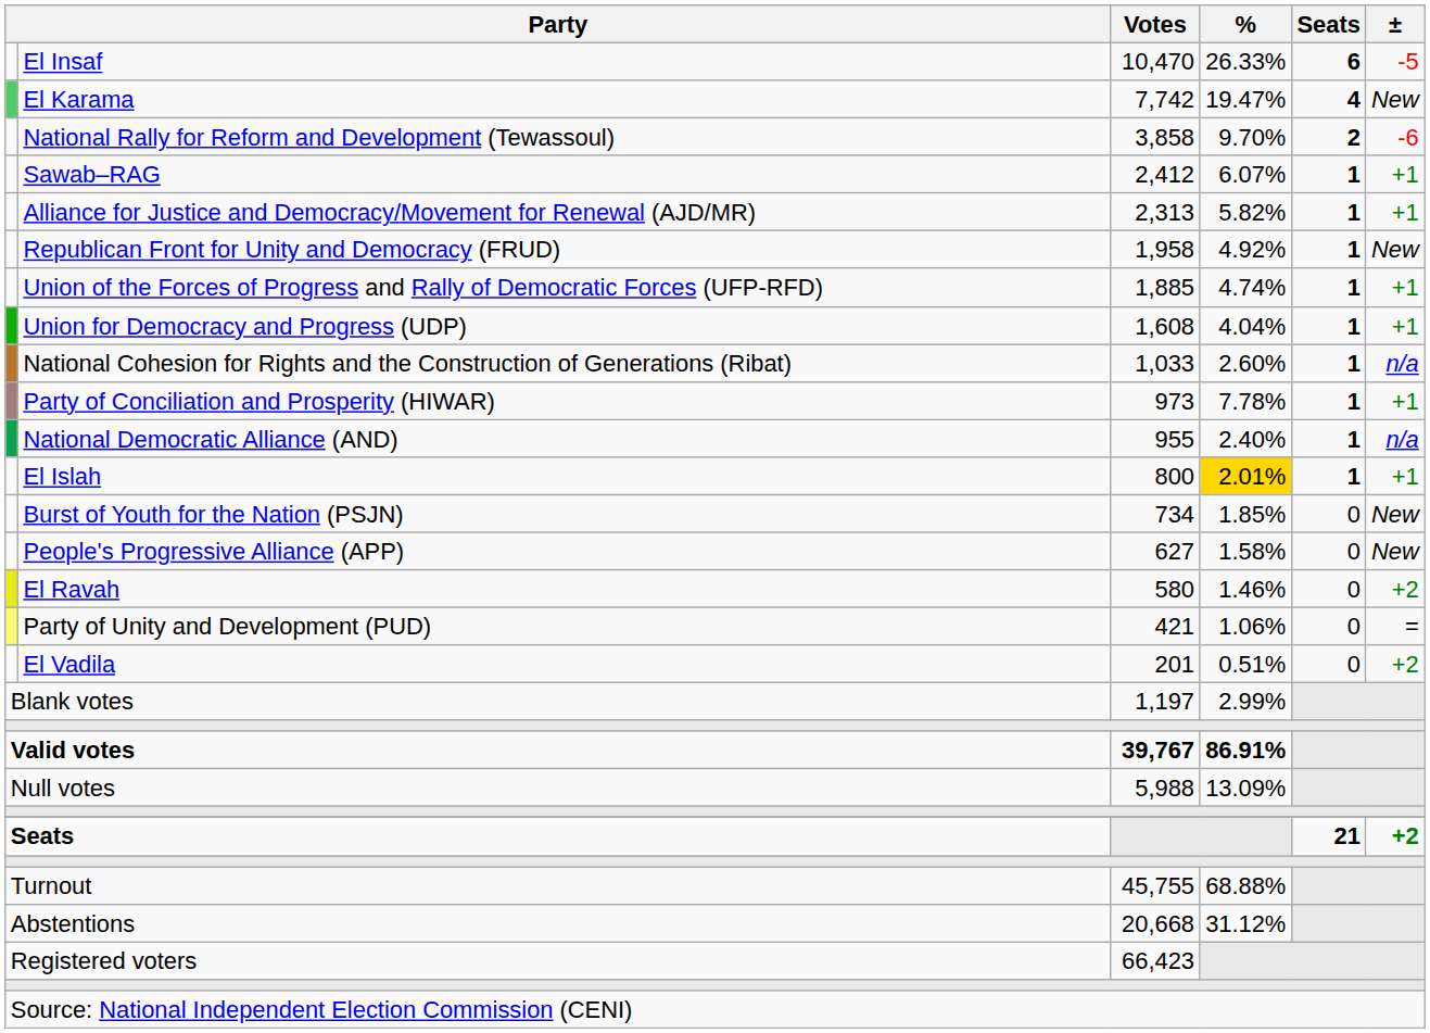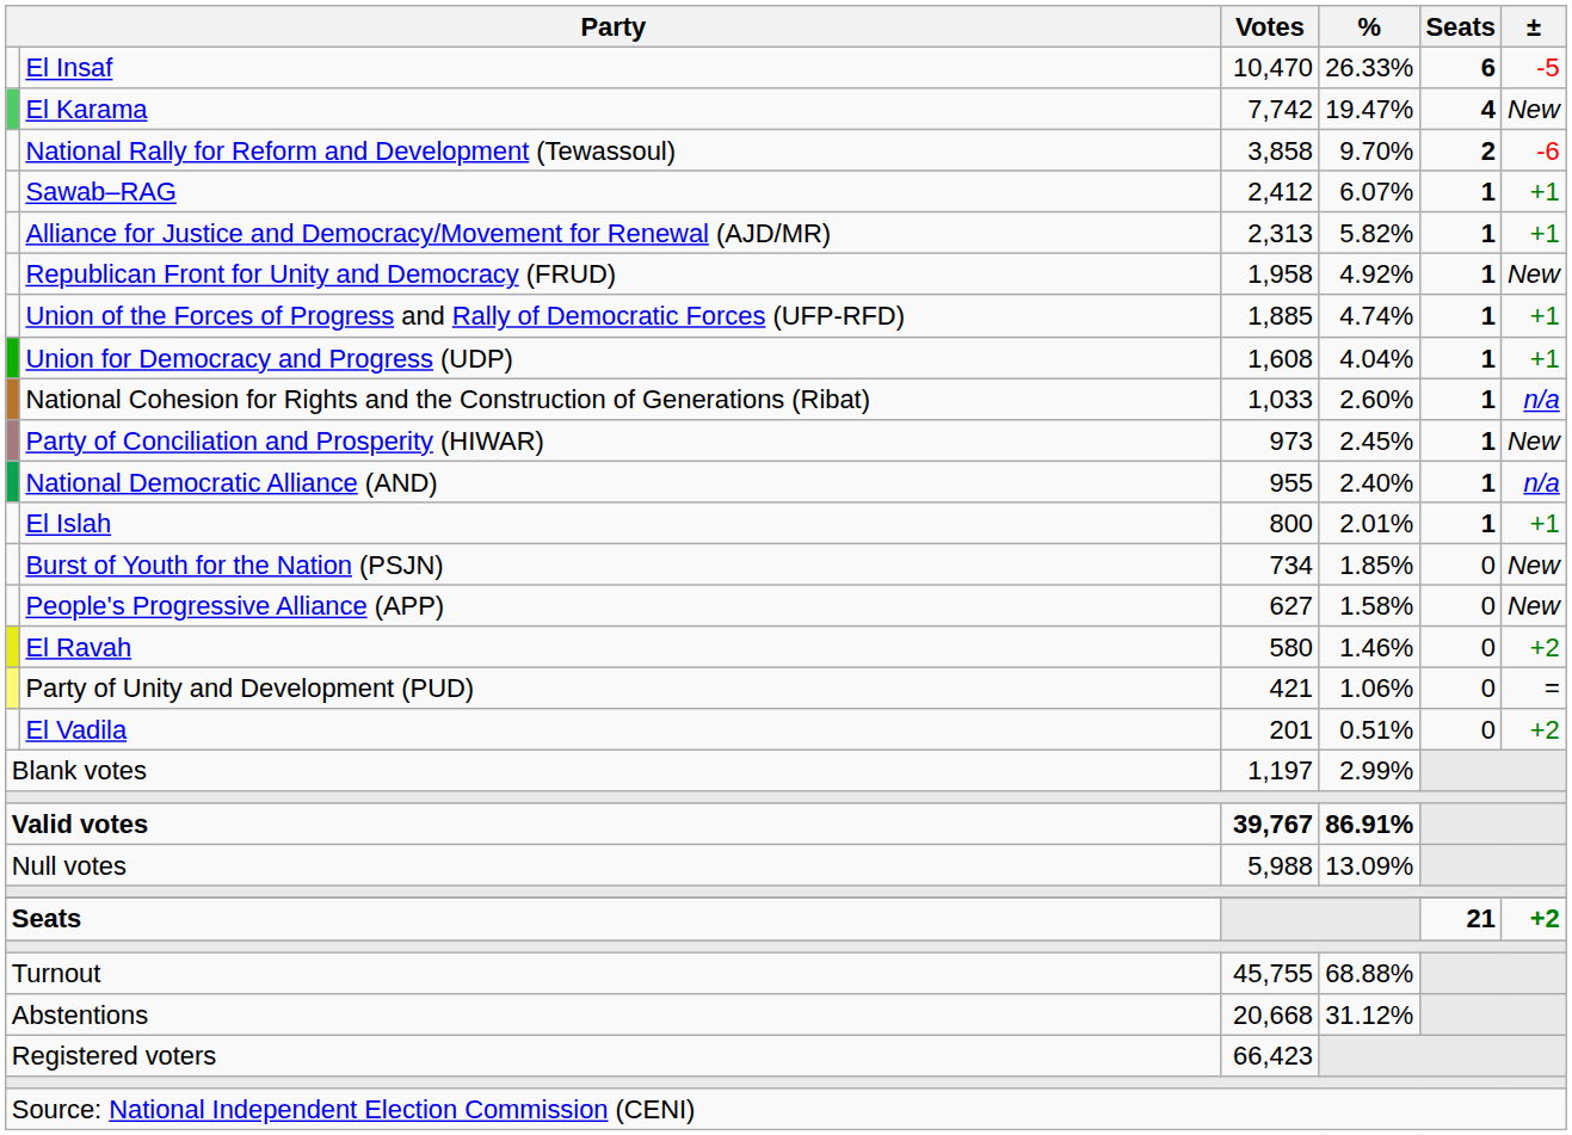 <table class="wikitable" style="text-align:right;font-size:95%;">
 <tr>
 <th width="700" colspan="2">Party</th>
 <th width="50">Votes</th>
 <th width="50">%</th>
 <th width="25">Seats</th>
 <th width="20">±</th>
 </tr>
 <tr>
 <td width="1" style="color:inherit;background:"></td>
 <td style="text-align:left;"><a href='#'>El Insaf</a></td>
 <td>10,470</td>
 <td>26.33%</td>
 <td><strong>6</strong></td>
 <td style="color:red;">-5</td>
 </tr>
 <tr>
 <td width="1" style="color:inherit;background:#4FCB68;"></td>
 <td style="text-align:left;"><a href='#'>El Karama</a></td>
 <td>7,742</td>
 <td>19.47%</td>
 <td><strong>4</strong></td>
 <td><em>New</em></td>
 </tr>
 <tr>
 <td width="1" style="color:inherit;background:"></td>
 <td style="text-align:left;"><a href='#'>National Rally for Reform and Development</a> (Tewassoul)</td>
 <td>3,858</td>
 <td>9.70%</td>
 <td><strong>2</strong></td>
 <td style="color:red;">-6</td>
 </tr>
 <tr>
 <td width="1" style="color:inherit;background:"></td>
 <td style="text-align:left;"><a href='#'>Sawab–RAG</a></td>
 <td>2,412</td>
 <td>6.07%</td>
 <td><strong>1</strong></td>
 <td style="color:green;">+1</td>
 </tr>
 <tr>
 <td width="1" style="color:inherit;background:"></td>
 <td style="text-align:left;"><a href='#'>Alliance for Justice and Democracy/Movement for Renewal</a> (AJD/MR)</td>
 <td>2,313</td>
 <td>5.82%</td>
 <td><strong>1</strong></td>
 <td style="color:green;">+1</td>
 </tr>
 <tr>
 <td width="1" style="color:inherit;background:"></td>
 <td style="text-align:left;"><a href='#'>Republican Front for Unity and Democracy</a> (FRUD)</td>
 <td>1,958</td>
 <td>4.92%</td>
 <td><strong>1</strong></td>
 <td><em>New</em></td>
 </tr>
 <tr>
 <td width="1" style="color:inherit;background:"></td>
 <td style="text-align:left;"><a href='#'>Union of the Forces of Progress</a> and <a href='#'>Rally of Democratic Forces</a> (UFP-RFD)</td>
 <td>1,885</td>
 <td>4.74%</td>
 <td><strong>1</strong></td>
 <td style="color:green;">+1</td>
 </tr>
 <tr>
 <td width="1" style="color:inherit;background:#0FAF05;"></td>
 <td style="text-align:left;"><a href='#'>Union for Democracy and Progress</a> (UDP)</td>
 <td>1,608</td>
 <td>4.04%</td>
 <td><strong>1</strong></td>
 <td style="color:green;">+1</td>
 </tr>
 <tr>
 <td width="1" style="color:inherit;background:#B7752C;"></td>
 <td style="text-align:left;">National Cohesion for Rights and the Construction of Generations (Ribat)</td>
 <td>1,033</td>
 <td>2.60%</td>
 <td><strong>1</strong></td>
 <td><em><a href='#'>n/a</a></em></td>
 </tr>
 <tr>
 <td width="1" style="color:inherit;background:#A47A7E;"></td>
 <td style="text-align:left;"><a href='#'>Party of Conciliation and Prosperity</a> (HIWAR)</td>
 <td>973</td>
-<td>7.78%</td>
+<td>2.45%</td>
 <td><strong>1</strong></td>
-<td style="color:green;">+1</td>
+<td><em>New</em></td>
 </tr>
 <tr>
 <td width="1" style="color:inherit;background:#0AA450;"></td>
 <td style="text-align:left;"><a href='#'>National Democratic Alliance</a> (AND)</td>
 <td>955</td>
 <td>2.40%</td>
 <td><strong>1</strong></td>
 <td><em><a href='#'>n/a</a></em></td>
 </tr>
 <tr>
 <td width="1" style="color:inherit;background:"></td>
 <td style="text-align:left;"><a href='#'>El Islah</a></td>
 <td>800</td>
-<td style="background: gold;">2.01%</td>
+<td>2.01%</td>
 <td><strong>1</strong></td>
 <td style="color:green;">+1</td>
 </tr>
 <tr>
 <td width="1" style="color:inherit;background:"></td>
 <td style="text-align:left;"><a href='#'>Burst of Youth for the Nation</a> (PSJN)</td>
 <td>734</td>
 <td>1.85%</td>
 <td>0</td>
 <td><em>New</em></td>
 </tr>
 <tr>
 <td width="1" style="color:inherit;background:"></td>
 <td style="text-align:left;"><a href='#'>People's Progressive Alliance</a> (APP)</td>
 <td>627</td>
 <td>1.58%</td>
 <td>0</td>
 <td><em>New</em></td>
 </tr>
 <tr>
 <td width="1" style="color:inherit;background:#E7EB16;"></td>
 <td style="text-align:left;"><a href='#'>El Ravah</a></td>
 <td>580</td>
 <td>1.46%</td>
 <td>0</td>
 <td style="color:green;">+2</td>
 </tr>
 <tr>
 <td width="1" style="color:inherit;background:#FAFA75;"></td>
 <td style="text-align:left;">Party of Unity and Development (PUD)</td>
 <td>421</td>
 <td>1.06%</td>
 <td>0</td>
 <td>=</td>
 </tr>
 <tr>
 <td width="1" style="color:inherit;background:"></td>
 <td style="text-align:left;"><a href='#'>El Vadila</a></td>
 <td>201</td>
 <td>0.51%</td>
 <td>0</td>
 <td style="color:green;">+2</td>
 </tr>
 <tr>
 <td colspan="2" style="text-align:left;">Blank votes</td>
 <td>1,197</td>
 <td>2.99%</td>
 <td colspan="2" style="background:#E9E9E9;"></td>
 </tr>
 <tr>
 <td colspan="6" style="background:#E9E9E9;"></td>
 </tr>
 <tr style="font-weight:bold;">
 <td colspan="2" style="text-align:left;">Valid votes</td>
 <td>39,767</td>
 <td>86.91%</td>
 <td colspan="2" style="background:#E9E9E9;"></td>
 </tr>
 <tr>
 <td colspan="2" style="text-align:left;">Null votes</td>
 <td>5,988</td>
 <td>13.09%</td>
 <td colspan="2" style="background:#E9E9E9;"></td>
 </tr>
 <tr>
 <td colspan="6" style="background:#E9E9E9;"></td>
 </tr>
 <tr>
 </tr>
 <tr style="font-weight:bold;">
 <td colspan="2" style="text-align:left;">Seats</td>
 <td colspan="2" style="background:#E9E9E9;"></td>
 <td>21</td>
 <td style="color:green;">+2</td>
 </tr>
 <tr>
 <td colspan="6" style="background:#E9E9E9;"></td>
 </tr>
 <tr>
 <td colspan="2" style="text-align:left;">Turnout</td>
 <td>45,755</td>
 <td>68.88%</td>
 <td colspan="2" style="background:#E9E9E9;"></td>
 </tr>
 <tr>
 <td colspan="2" style="text-align:left;">Abstentions</td>
 <td>20,668</td>
 <td>31.12%</td>
 <td colspan="2" style="background:#E9E9E9;"></td>
 </tr>
 <tr>
 <td colspan="2" style="text-align:left;">Registered voters</td>
 <td>66,423</td>
 <td colspan="3" style="background:#E9E9E9;"></td>
 </tr>
 <tr>
 <td colspan="6" style="background:#E9E9E9;"></td>
 </tr>
 <tr>
 <td colspan="6" style="text-align:left;">Source: <a href='#'>National Independent Election Commission</a> (CENI)</td>
 </tr>
 </table>
